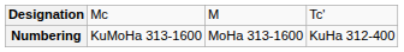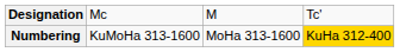 <table class="wikitable">
 <tr>
 <th>Designation</th>
 <td>Mc</td>
 <td>M</td>
 <td>Tc'</td>
 </tr>
 <tr>
 <th>Numbering</th>
 <td>KuMoHa 313-1600</td>
 <td>MoHa 313-1600</td>
-<td>KuHa 312-400</td>
+<td style="background: gold;">KuHa 312-400</td>
 </tr>
 </table>
